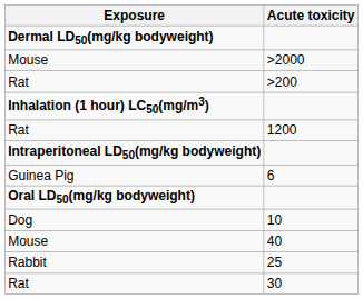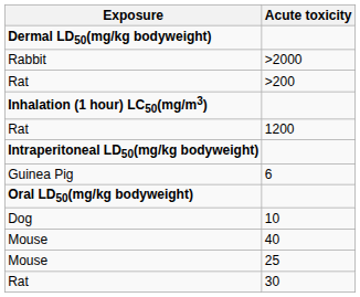 <table class="wikitable">
 <tr>
 <th>Exposure</th>
 <th>Acute toxicity</th>
 </tr>
 <tr>
 <td><strong>Dermal LD<sub>50</sub>(mg/kg bodyweight)</strong></td>
 </tr>
 <tr>
-<td>Mouse</td>
+<td>Rabbit</td>
 <td>>2000</td>
 </tr>
 <tr>
 <td>Rat</td>
 <td>>200</td>
 </tr>
 <tr>
 <td><strong>Inhalation (1 hour) LC<sub>50</sub>(mg/m<sup>3</sup>)</strong></td>
 </tr>
 <tr>
 <td>Rat</td>
 <td>1200</td>
 </tr>
 <tr>
 <td><strong>Intraperitoneal LD<sub>50</sub>(mg/kg bodyweight)</strong></td>
 </tr>
 <tr>
 <td>Guinea Pig</td>
 <td>6</td>
 </tr>
 <tr>
 <td><strong>Oral LD<sub>50</sub>(mg/kg bodyweight)</strong></td>
 </tr>
 <tr>
 <td>Dog</td>
 <td>10</td>
 </tr>
 <tr>
 <td>Mouse</td>
 <td>40</td>
 </tr>
 <tr>
-<td>Rabbit</td>
+<td>Mouse</td>
 <td>25</td>
 </tr>
 <tr>
 <td>Rat</td>
 <td>30</td>
 </tr>
 </table>
